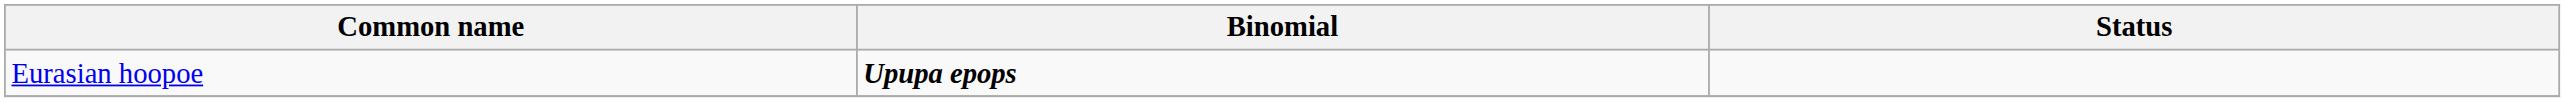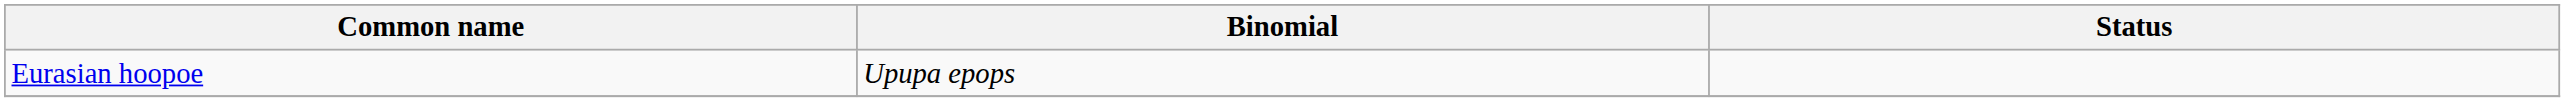 <table width=72% class="wikitable">
 <tr>
 <th width=24%>Common name</th>
 <th width=24%>Binomial</th>
 <th width=24%>Status</th>
 </tr>
 <tr>
 <td><a href='#'>Eurasian hoopoe</a></td>
-<td><strong><em>Upupa epops</em></strong></td>
+<td><em>Upupa epops</em></td>
 <td></td>
 </tr>
 <tr>
 </tr>
 </table>
